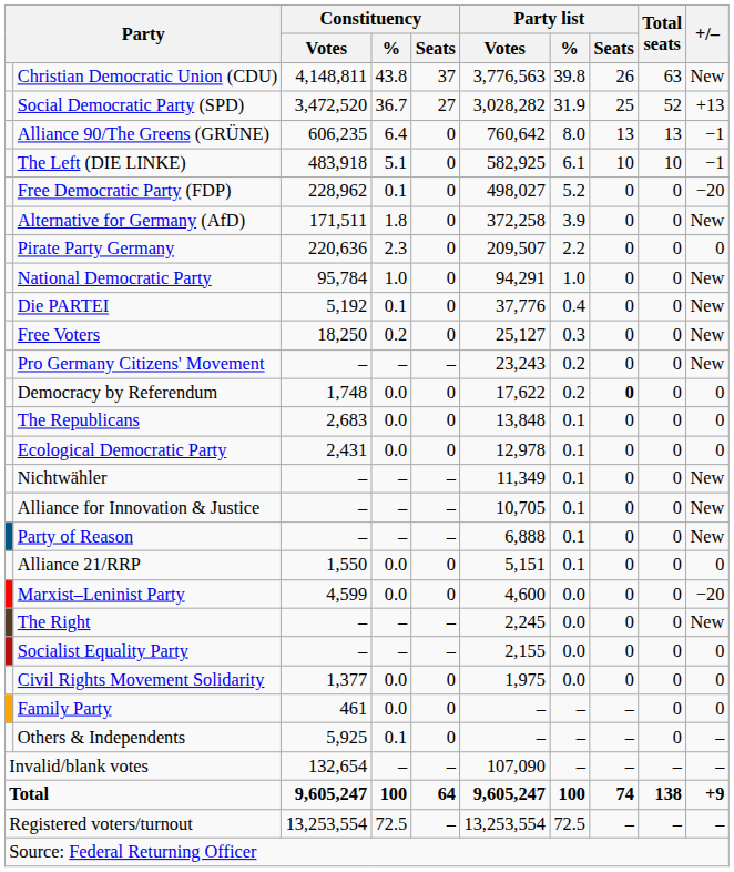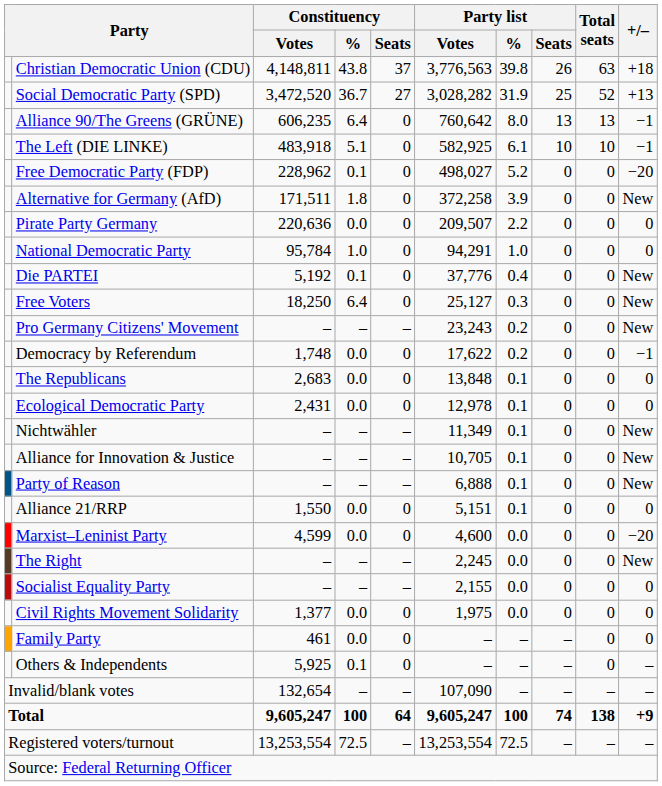 <table class="wikitable" style="text-align:right">
 <tr>
 <th colspan="2" rowspan="2">Party</th>
 <th colspan="3">Constituency</th>
 <th colspan="3">Party list</th>
 <th rowspan="2">Total<br>seats</th>
 <th rowspan="2">+/–</th>
 </tr>
 <tr>
 <th>Votes</th>
 <th>%</th>
 <th>Seats</th>
 <th>Votes</th>
 <th>%</th>
 <th>Seats</th>
 </tr>
 <tr>
 <td></td>
 <td align="left"><a href='#'>Christian Democratic Union</a> (CDU)</td>
 <td>4,148,811</td>
 <td>43.8</td>
 <td>37</td>
 <td>3,776,563</td>
 <td>39.8</td>
 <td>26</td>
 <td>63</td>
-<td>New</td>
+<td>+18</td>
 </tr>
 <tr>
 <td></td>
 <td align="left"><a href='#'>Social Democratic Party</a> (SPD)</td>
 <td>3,472,520</td>
 <td>36.7</td>
 <td>27</td>
 <td>3,028,282</td>
 <td>31.9</td>
 <td>25</td>
 <td>52</td>
 <td>+13</td>
 </tr>
 <tr>
 <td></td>
 <td align="left"><a href='#'>Alliance 90/The Greens</a> (GRÜNE)</td>
 <td>606,235</td>
 <td>6.4</td>
 <td>0</td>
 <td>760,642</td>
 <td>8.0</td>
 <td>13</td>
 <td>13</td>
 <td>−1</td>
 </tr>
 <tr>
 <td></td>
 <td align="left"><a href='#'>The Left</a> (DIE LINKE)</td>
 <td>483,918</td>
 <td>5.1</td>
 <td>0</td>
 <td>582,925</td>
 <td>6.1</td>
 <td>10</td>
 <td>10</td>
 <td>−1</td>
 </tr>
 <tr>
 <td></td>
 <td align="left"><a href='#'>Free Democratic Party</a> (FDP)</td>
 <td>228,962</td>
 <td>0.1</td>
 <td>0</td>
 <td>498,027</td>
 <td>5.2</td>
 <td>0</td>
 <td>0</td>
 <td>−20</td>
 </tr>
 <tr>
 <td></td>
 <td align="left"><a href='#'>Alternative for Germany</a> (AfD)</td>
 <td>171,511</td>
 <td>1.8</td>
 <td>0</td>
 <td>372,258</td>
 <td>3.9</td>
 <td>0</td>
 <td>0</td>
 <td>New</td>
 </tr>
 <tr>
 <td style="background-color:"></td>
 <td align="left"><a href='#'>Pirate Party Germany</a></td>
 <td>220,636</td>
-<td>2.3</td>
+<td>0.0</td>
 <td>0</td>
 <td>209,507</td>
 <td>2.2</td>
 <td>0</td>
 <td>0</td>
 <td>0</td>
 </tr>
 <tr>
 <td style="background-color:"></td>
 <td align="left"><a href='#'>National Democratic Party</a></td>
 <td>95,784</td>
 <td>1.0</td>
 <td>0</td>
 <td>94,291</td>
 <td>1.0</td>
 <td>0</td>
 <td>0</td>
-<td>New</td>
+<td>0</td>
 </tr>
 <tr>
 <td style="background-color:"></td>
 <td align="left"><a href='#'>Die PARTEI</a></td>
 <td>5,192</td>
 <td>0.1</td>
 <td>0</td>
 <td>37,776</td>
 <td>0.4</td>
 <td>0</td>
 <td>0</td>
 <td>New</td>
 </tr>
 <tr>
 <td style="background-color:"></td>
 <td align="left"><a href='#'>Free Voters</a></td>
 <td>18,250</td>
-<td>0.2</td>
+<td>6.4</td>
 <td>0</td>
 <td>25,127</td>
 <td>0.3</td>
 <td>0</td>
 <td>0</td>
 <td>New</td>
 </tr>
 <tr>
 <td></td>
 <td align="left"><a href='#'>Pro Germany Citizens' Movement</a></td>
 <td>–</td>
 <td>–</td>
 <td>–</td>
 <td>23,243</td>
 <td>0.2</td>
 <td>0</td>
 <td>0</td>
 <td>New</td>
 </tr>
 <tr>
 <td></td>
 <td align="left">Democracy by Referendum</td>
 <td>1,748</td>
 <td>0.0</td>
 <td>0</td>
 <td>17,622</td>
 <td>0.2</td>
-<td><strong>0</strong></td>
 <td>0</td>
 <td>0</td>
+<td>−1</td>
 </tr>
 <tr>
 <td style="background-color:"></td>
 <td align="left"><a href='#'>The Republicans</a></td>
 <td>2,683</td>
 <td>0.0</td>
 <td>0</td>
 <td>13,848</td>
 <td>0.1</td>
 <td>0</td>
 <td>0</td>
 <td>0</td>
 </tr>
 <tr>
 <td style="background-color:"></td>
 <td align="left"><a href='#'>Ecological Democratic Party</a></td>
 <td>2,431</td>
 <td>0.0</td>
 <td>0</td>
 <td>12,978</td>
 <td>0.1</td>
 <td>0</td>
 <td>0</td>
 <td>0</td>
 </tr>
 <tr>
 <td></td>
 <td align="left">Nichtwähler</td>
 <td>–</td>
 <td>–</td>
 <td>–</td>
 <td>11,349</td>
 <td>0.1</td>
 <td>0</td>
 <td>0</td>
 <td>New</td>
 </tr>
 <tr>
 <td></td>
 <td align="left">Alliance for Innovation & Justice</td>
 <td>–</td>
 <td>–</td>
 <td>–</td>
 <td>10,705</td>
 <td>0.1</td>
 <td>0</td>
 <td>0</td>
 <td>New</td>
 </tr>
 <tr>
 <td style="background-color:#005488"></td>
 <td align="left"><a href='#'>Party of Reason</a></td>
 <td>–</td>
 <td>–</td>
 <td>–</td>
 <td>6,888</td>
 <td>0.1</td>
 <td>0</td>
 <td>0</td>
 <td>New</td>
 </tr>
 <tr>
 <td></td>
 <td align="left">Alliance 21/RRP</td>
 <td>1,550</td>
 <td>0.0</td>
 <td>0</td>
 <td>5,151</td>
 <td>0.1</td>
 <td>0</td>
 <td>0</td>
 <td>0</td>
 </tr>
 <tr>
 <td style="background-color:red"></td>
 <td align="left"><a href='#'>Marxist–Leninist Party</a></td>
 <td>4,599</td>
 <td>0.0</td>
 <td>0</td>
 <td>4,600</td>
 <td>0.0</td>
 <td>0</td>
 <td>0</td>
 <td>−20</td>
 </tr>
 <tr>
 <td style="background-color:#553A26"></td>
 <td align="left"><a href='#'>The Right</a></td>
 <td>–</td>
 <td>–</td>
 <td>–</td>
 <td>2,245</td>
 <td>0.0</td>
 <td>0</td>
 <td>0</td>
 <td>New</td>
 </tr>
 <tr>
 <td style="background-color:#B80D0C"></td>
 <td align="left"><a href='#'>Socialist Equality Party</a></td>
 <td>–</td>
 <td>–</td>
 <td>–</td>
 <td>2,155</td>
 <td>0.0</td>
 <td>0</td>
 <td>0</td>
 <td>0</td>
 </tr>
 <tr>
 <td></td>
 <td align="left"><a href='#'>Civil Rights Movement Solidarity</a></td>
 <td>1,377</td>
 <td>0.0</td>
 <td>0</td>
 <td>1,975</td>
 <td>0.0</td>
 <td>0</td>
 <td>0</td>
 <td>0</td>
 </tr>
 <tr>
 <td style="background-color:#FFA500"></td>
 <td align="left"><a href='#'>Family Party</a></td>
 <td>461</td>
 <td>0.0</td>
 <td>0</td>
 <td>–</td>
 <td>–</td>
 <td>–</td>
 <td>0</td>
 <td>0</td>
 </tr>
 <tr>
 <td></td>
 <td align="left">Others & Independents</td>
 <td>5,925</td>
 <td>0.1</td>
 <td>0</td>
 <td>–</td>
 <td>–</td>
 <td>–</td>
 <td>0</td>
 <td>–</td>
 </tr>
 <tr>
 <td colspan="2" align="left">Invalid/blank votes</td>
 <td>132,654</td>
 <td>–</td>
 <td>–</td>
 <td>107,090</td>
 <td>–</td>
 <td>–</td>
 <td>–</td>
 <td>–</td>
 </tr>
 <tr>
 <td colspan="2" align="left"><strong>Total</strong></td>
 <td><strong>9,605,247</strong></td>
 <td><strong>100</strong></td>
 <td><strong>64</strong></td>
 <td><strong>9,605,247</strong></td>
 <td><strong>100</strong></td>
 <td><strong>74</strong></td>
 <td><strong>138</strong></td>
 <td><strong>+9</strong></td>
 </tr>
 <tr>
 <td colspan="2" align="left">Registered voters/turnout</td>
 <td>13,253,554</td>
 <td>72.5</td>
 <td>–</td>
 <td>13,253,554</td>
 <td>72.5</td>
 <td>–</td>
 <td>–</td>
 <td>–</td>
 </tr>
 <tr>
 <td colspan="10" align="left">Source: <a href='#'>Federal Returning Officer</a></td>
 </tr>
 </table>
